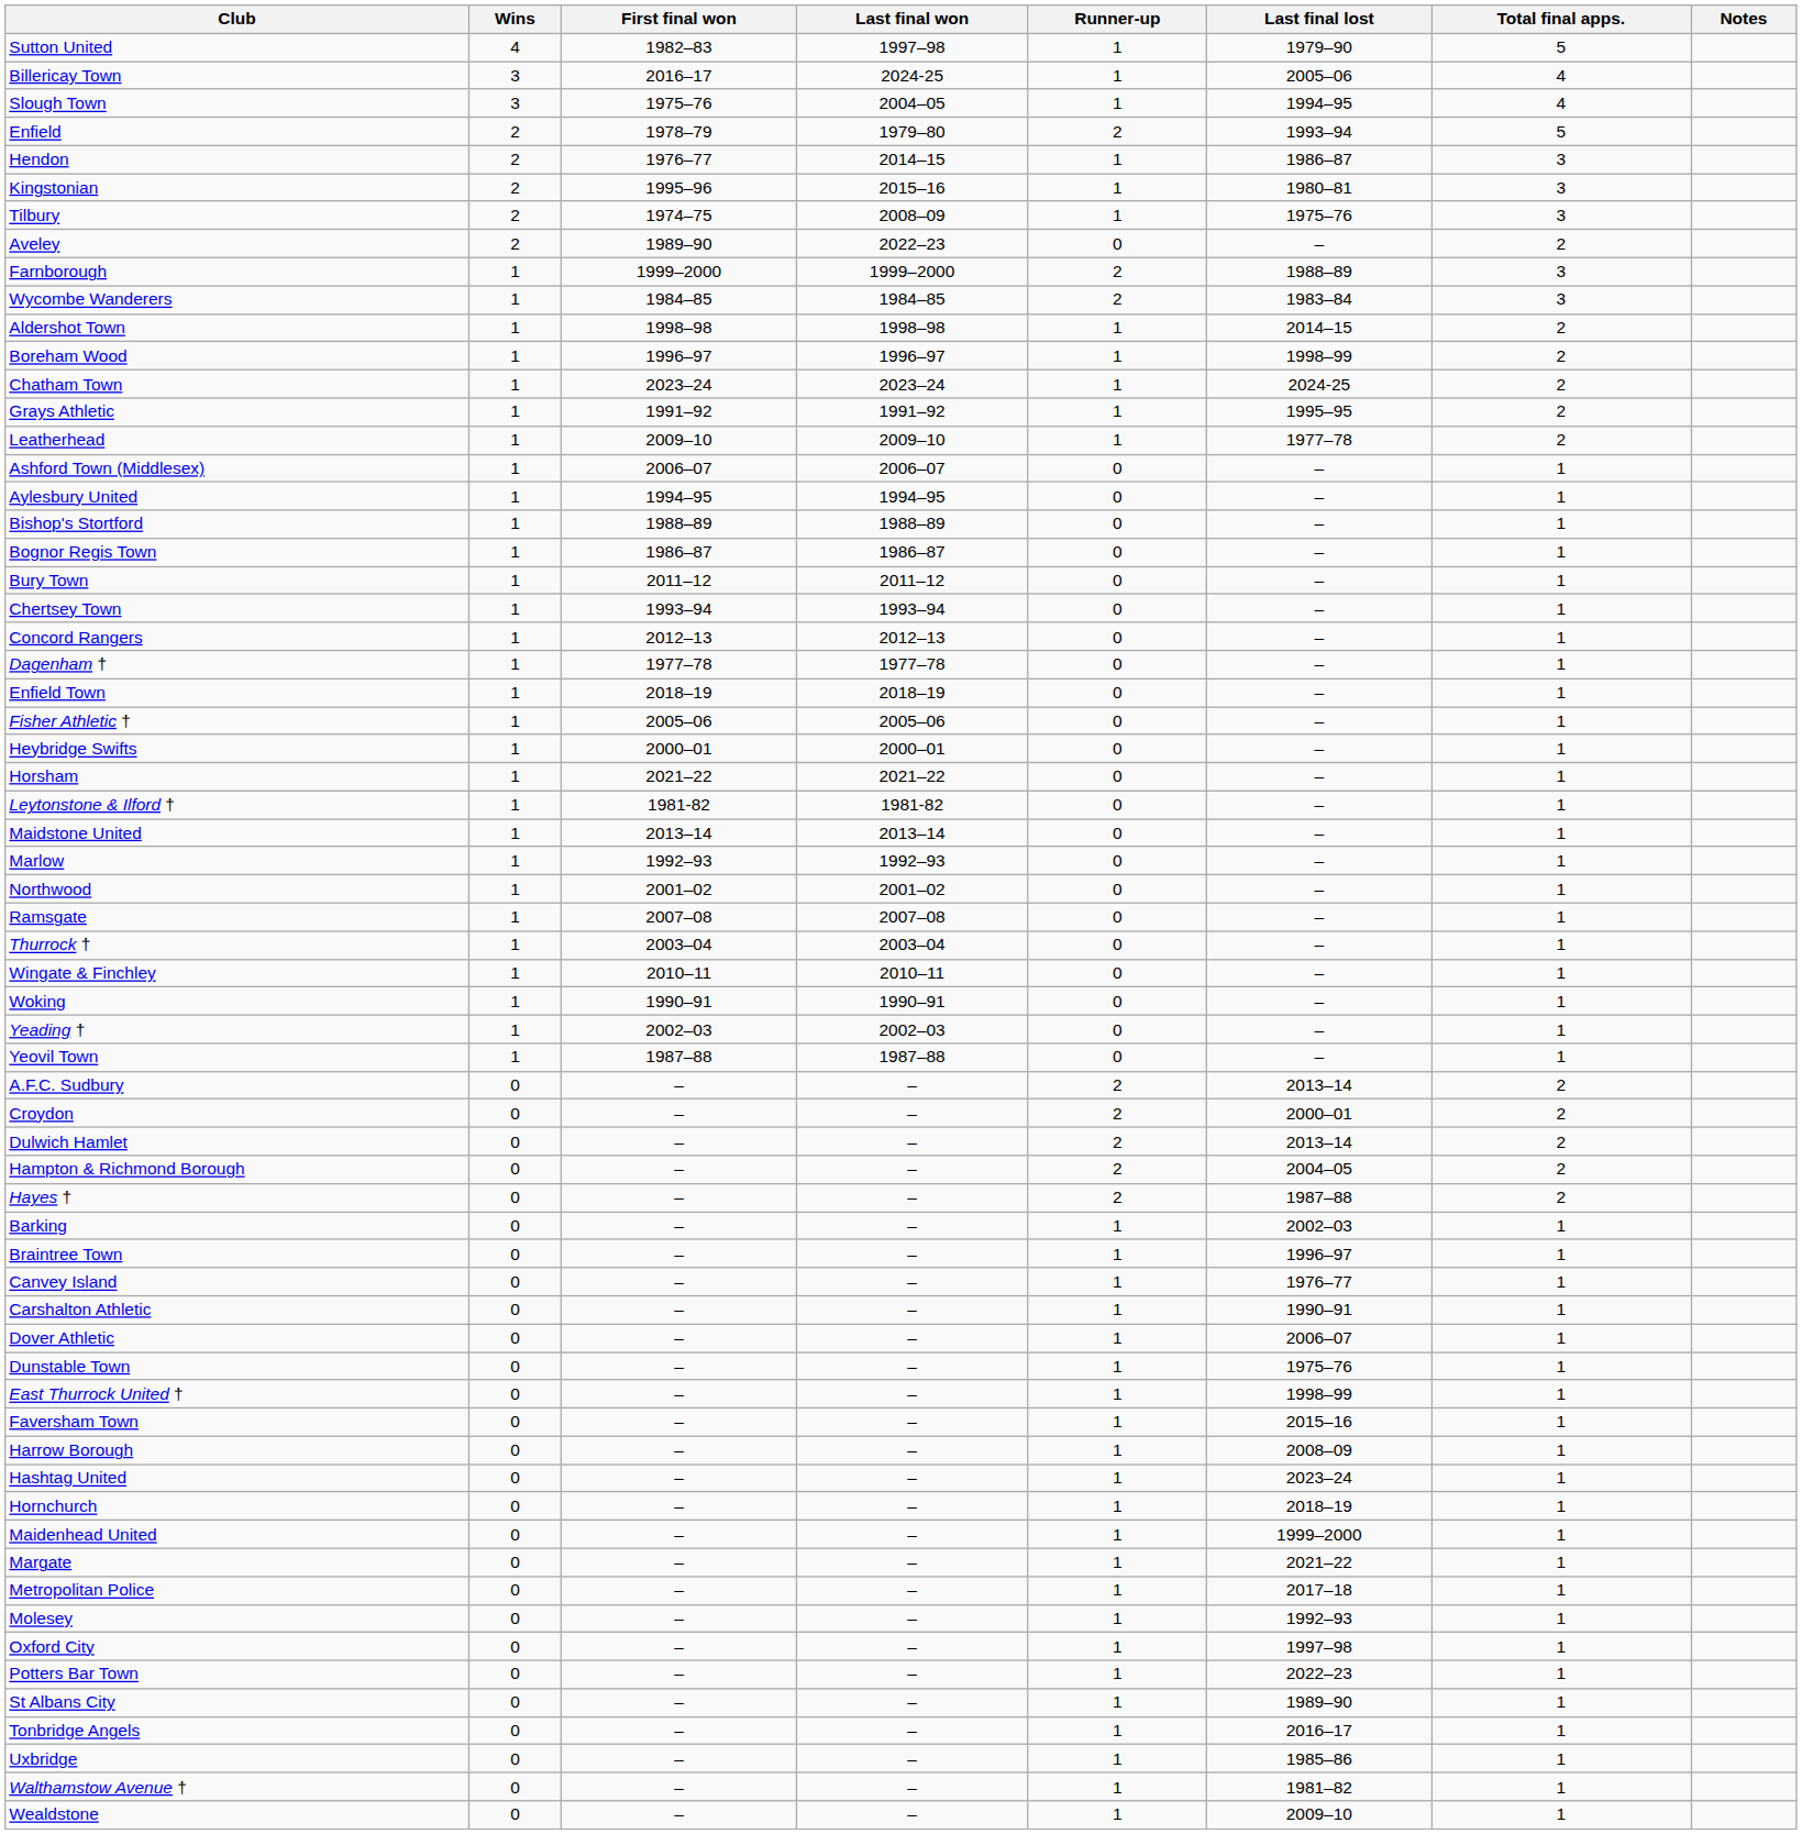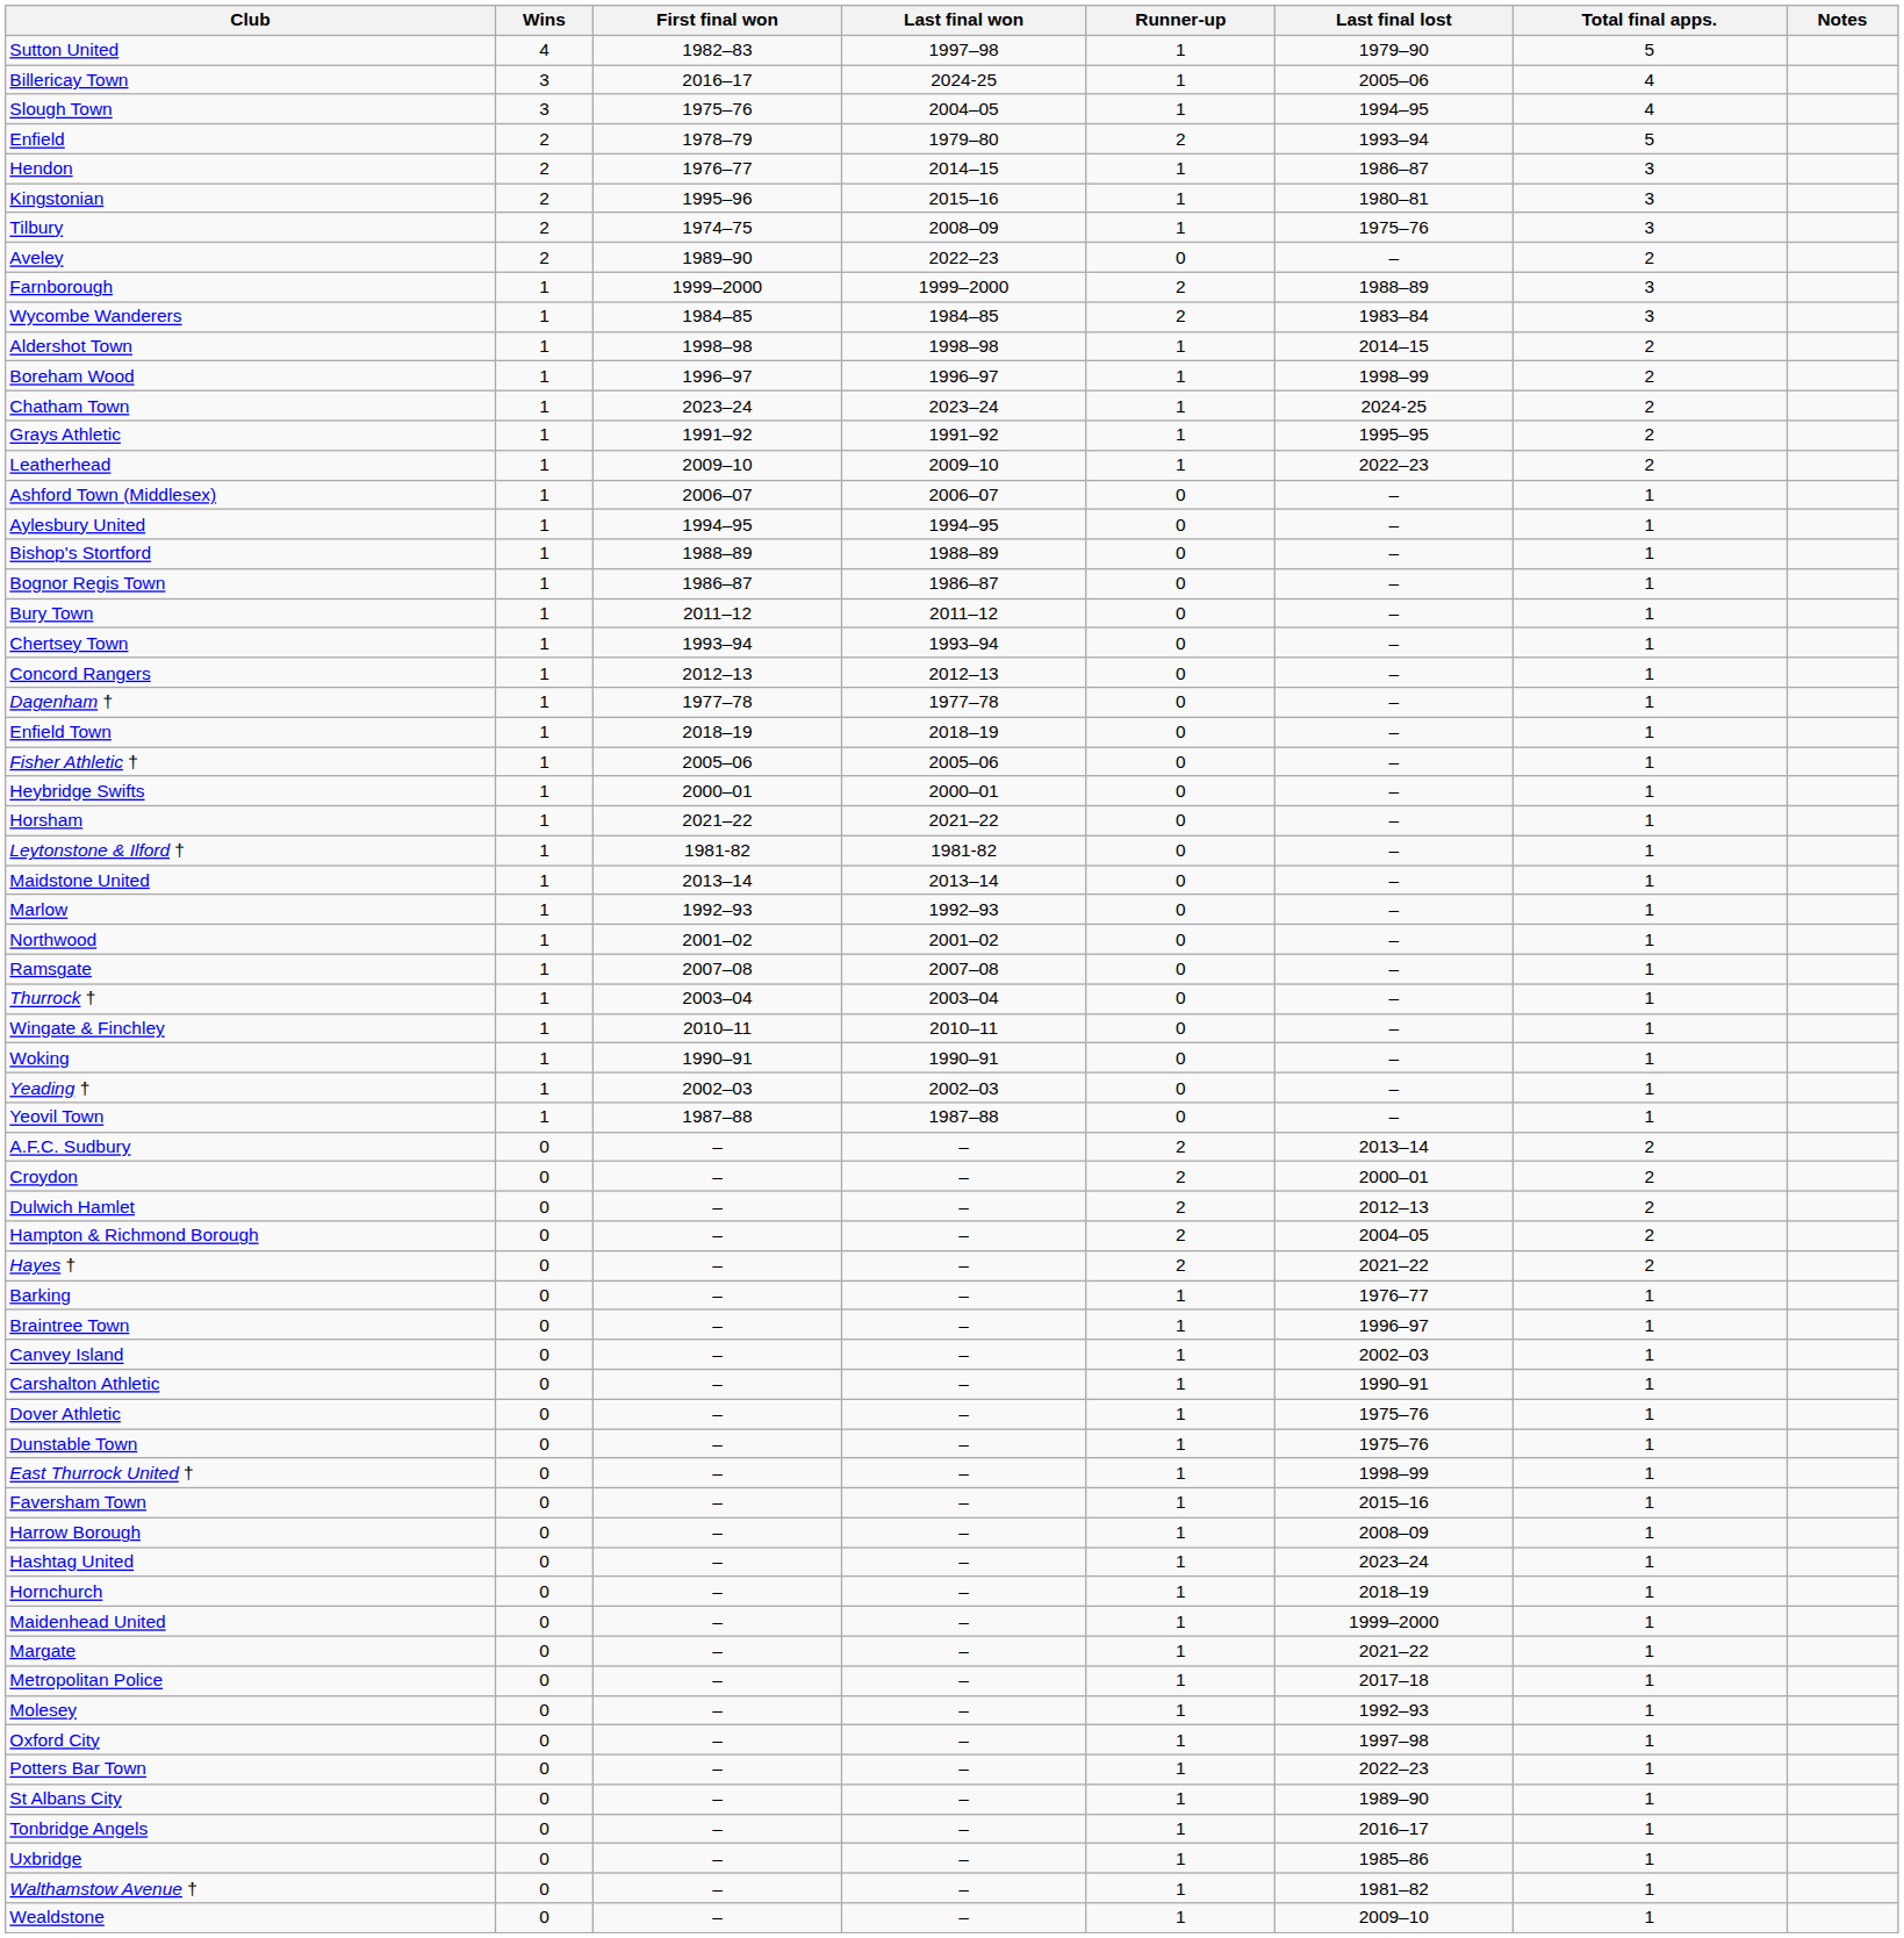 <table class="wikitable sortable" style="text-align: center; width: 100%; font-size: 12px">
 <tr>
 <th>Club</th>
 <th>Wins</th>
 <th>First final won</th>
 <th>Last final won</th>
 <th>Runner-up</th>
 <th>Last final lost</th>
 <th>Total final apps.</th>
 <th>Notes</th>
 </tr>
 <tr>
 <td style="text-align: left"><a href='#'>Sutton United</a></td>
 <td>4</td>
 <td>1982–83</td>
 <td>1997–98</td>
 <td>1</td>
 <td>1979–90</td>
 <td>5</td>
 <td></td>
 </tr>
 <tr>
 <td style="text-align: left"><a href='#'>Billericay Town</a></td>
 <td>3</td>
 <td>2016–17</td>
 <td>2024-25</td>
 <td>1</td>
 <td>2005–06</td>
 <td>4</td>
 <td></td>
 </tr>
 <tr>
 <td style="text-align: left"><a href='#'>Slough Town</a></td>
 <td>3</td>
 <td>1975–76</td>
 <td>2004–05</td>
 <td>1</td>
 <td>1994–95</td>
 <td>4</td>
 <td></td>
 </tr>
 <tr>
 <td style="text-align: left"><a href='#'>Enfield</a></td>
 <td>2</td>
 <td>1978–79</td>
 <td>1979–80</td>
 <td>2</td>
 <td>1993–94</td>
 <td>5</td>
 <td></td>
 </tr>
 <tr>
 <td style="text-align: left"><a href='#'>Hendon</a></td>
 <td>2</td>
 <td>1976–77</td>
 <td>2014–15</td>
 <td>1</td>
 <td>1986–87</td>
 <td>3</td>
 <td></td>
 </tr>
 <tr>
 <td style="text-align: left"><a href='#'>Kingstonian</a></td>
 <td>2</td>
 <td>1995–96</td>
 <td>2015–16</td>
 <td>1</td>
 <td>1980–81</td>
 <td>3</td>
 <td></td>
 </tr>
 <tr>
 <td style="text-align: left"><a href='#'>Tilbury</a></td>
 <td>2</td>
 <td>1974–75</td>
 <td>2008–09</td>
 <td>1</td>
 <td>1975–76</td>
 <td>3</td>
 <td></td>
 </tr>
 <tr>
 <td style="text-align: left"><a href='#'>Aveley</a></td>
 <td>2</td>
 <td>1989–90</td>
 <td>2022–23</td>
 <td>0</td>
 <td>–</td>
 <td>2</td>
 <td></td>
 </tr>
 <tr>
 <td style="text-align: left"><a href='#'>Farnborough</a></td>
 <td>1</td>
 <td>1999–2000</td>
 <td>1999–2000</td>
 <td>2</td>
 <td>1988–89</td>
 <td>3</td>
 <td></td>
 </tr>
 <tr>
 <td style="text-align: left"><a href='#'>Wycombe Wanderers</a></td>
 <td>1</td>
 <td>1984–85</td>
 <td>1984–85</td>
 <td>2</td>
 <td>1983–84</td>
 <td>3</td>
 <td></td>
 </tr>
 <tr>
 <td style="text-align: left"><a href='#'>Aldershot Town</a></td>
 <td>1</td>
 <td>1998–98</td>
 <td>1998–98</td>
 <td>1</td>
 <td>2014–15</td>
 <td>2</td>
 <td></td>
 </tr>
 <tr>
 <td style="text-align: left"><a href='#'>Boreham Wood</a></td>
 <td>1</td>
 <td>1996–97</td>
 <td>1996–97</td>
 <td>1</td>
 <td>1998–99</td>
 <td>2</td>
 <td></td>
 </tr>
 <tr>
 <td style="text-align: left"><a href='#'>Chatham Town</a></td>
 <td>1</td>
 <td>2023–24</td>
 <td>2023–24</td>
 <td>1</td>
 <td>2024-25</td>
 <td>2</td>
 <td></td>
 </tr>
 <tr>
 <td style="text-align: left"><a href='#'>Grays Athletic</a></td>
 <td>1</td>
 <td>1991–92</td>
 <td>1991–92</td>
 <td>1</td>
 <td>1995–95</td>
 <td>2</td>
 <td></td>
 </tr>
 <tr>
 <td style="text-align: left"><a href='#'>Leatherhead</a></td>
 <td>1</td>
 <td>2009–10</td>
 <td>2009–10</td>
 <td>1</td>
-<td>1977–78</td>
+<td>2022–23</td>
 <td>2</td>
 <td></td>
 </tr>
 <tr>
 <td style="text-align: left"><a href='#'>Ashford Town (Middlesex)</a></td>
 <td>1</td>
 <td>2006–07</td>
 <td>2006–07</td>
 <td>0</td>
 <td>–</td>
 <td>1</td>
 <td></td>
 </tr>
 <tr>
 <td style="text-align: left"><a href='#'>Aylesbury United</a></td>
 <td>1</td>
 <td>1994–95</td>
 <td>1994–95</td>
 <td>0</td>
 <td>–</td>
 <td>1</td>
 <td></td>
 </tr>
 <tr>
 <td style="text-align: left"><a href='#'>Bishop's Stortford</a></td>
 <td>1</td>
 <td>1988–89</td>
 <td>1988–89</td>
 <td>0</td>
 <td>–</td>
 <td>1</td>
 <td></td>
 </tr>
 <tr>
 <td style="text-align: left"><a href='#'>Bognor Regis Town</a></td>
 <td>1</td>
 <td>1986–87</td>
 <td>1986–87</td>
 <td>0</td>
 <td>–</td>
 <td>1</td>
 <td></td>
 </tr>
 <tr>
 <td style="text-align: left"><a href='#'>Bury Town</a></td>
 <td>1</td>
 <td>2011–12</td>
 <td>2011–12</td>
 <td>0</td>
 <td>–</td>
 <td>1</td>
 <td></td>
 </tr>
 <tr>
 <td style="text-align: left"><a href='#'>Chertsey Town</a></td>
 <td>1</td>
 <td>1993–94</td>
 <td>1993–94</td>
 <td>0</td>
 <td>–</td>
 <td>1</td>
 <td></td>
 </tr>
 <tr>
 <td style="text-align: left"><a href='#'>Concord Rangers</a></td>
 <td>1</td>
 <td>2012–13</td>
 <td>2012–13</td>
 <td>0</td>
 <td>–</td>
 <td>1</td>
 <td></td>
 </tr>
 <tr>
 <td style="text-align: left"><em><a href='#'>Dagenham</a></em> †</td>
 <td>1</td>
 <td>1977–78</td>
 <td>1977–78</td>
 <td>0</td>
 <td>–</td>
 <td>1</td>
 <td></td>
 </tr>
 <tr>
 <td style="text-align: left"><a href='#'>Enfield Town</a></td>
 <td>1</td>
 <td>2018–19</td>
 <td>2018–19</td>
 <td>0</td>
 <td>–</td>
 <td>1</td>
 <td></td>
 </tr>
 <tr>
 <td style="text-align: left"><em><a href='#'>Fisher Athletic</a></em> †</td>
 <td>1</td>
 <td>2005–06</td>
 <td>2005–06</td>
 <td>0</td>
 <td>–</td>
 <td>1</td>
 <td></td>
 </tr>
 <tr>
 <td style="text-align: left"><a href='#'>Heybridge Swifts</a></td>
 <td>1</td>
 <td>2000–01</td>
 <td>2000–01</td>
 <td>0</td>
 <td>–</td>
 <td>1</td>
 <td></td>
 </tr>
 <tr>
 <td style="text-align: left"><a href='#'>Horsham</a></td>
 <td>1</td>
 <td>2021–22</td>
 <td>2021–22</td>
 <td>0</td>
 <td>–</td>
 <td>1</td>
 <td></td>
 </tr>
 <tr>
 <td style="text-align: left"><em><a href='#'>Leytonstone & Ilford</a></em> †</td>
 <td>1</td>
 <td>1981-82</td>
 <td>1981-82</td>
 <td>0</td>
 <td>–</td>
 <td>1</td>
 <td></td>
 </tr>
 <tr>
 <td style="text-align: left"><a href='#'>Maidstone United</a></td>
 <td>1</td>
 <td>2013–14</td>
 <td>2013–14</td>
 <td>0</td>
 <td>–</td>
 <td>1</td>
 <td></td>
 </tr>
 <tr>
 <td style="text-align: left"><a href='#'>Marlow</a></td>
 <td>1</td>
 <td>1992–93</td>
 <td>1992–93</td>
 <td>0</td>
 <td>–</td>
 <td>1</td>
 <td></td>
 </tr>
 <tr>
 <td style="text-align: left"><a href='#'>Northwood</a></td>
 <td>1</td>
 <td>2001–02</td>
 <td>2001–02</td>
 <td>0</td>
 <td>–</td>
 <td>1</td>
 <td></td>
 </tr>
 <tr>
 <td style="text-align: left"><a href='#'>Ramsgate</a></td>
 <td>1</td>
 <td>2007–08</td>
 <td>2007–08</td>
 <td>0</td>
 <td>–</td>
 <td>1</td>
 <td></td>
 </tr>
 <tr>
 <td style="text-align: left"><em><a href='#'>Thurrock</a></em> †</td>
 <td>1</td>
 <td>2003–04</td>
 <td>2003–04</td>
 <td>0</td>
 <td>–</td>
 <td>1</td>
 <td></td>
 </tr>
 <tr>
 <td style="text-align: left"><a href='#'>Wingate & Finchley</a></td>
 <td>1</td>
 <td>2010–11</td>
 <td>2010–11</td>
 <td>0</td>
 <td>–</td>
 <td>1</td>
 <td></td>
 </tr>
 <tr>
 <td style="text-align: left"><a href='#'>Woking</a></td>
 <td>1</td>
 <td>1990–91</td>
 <td>1990–91</td>
 <td>0</td>
 <td>–</td>
 <td>1</td>
 <td></td>
 </tr>
 <tr>
 <td style="text-align: left"><em><a href='#'>Yeading</a></em> †</td>
 <td>1</td>
 <td>2002–03</td>
 <td>2002–03</td>
 <td>0</td>
 <td>–</td>
 <td>1</td>
 <td></td>
 </tr>
 <tr>
 <td style="text-align: left"><a href='#'>Yeovil Town</a></td>
 <td>1</td>
 <td>1987–88</td>
 <td>1987–88</td>
 <td>0</td>
 <td>–</td>
 <td>1</td>
 <td></td>
 </tr>
 <tr>
 <td style="text-align: left"><a href='#'>A.F.C. Sudbury</a></td>
 <td>0</td>
 <td>–</td>
 <td>–</td>
 <td>2</td>
 <td>2013–14</td>
 <td>2</td>
 <td></td>
 </tr>
 <tr>
 <td style="text-align: left"><a href='#'>Croydon</a></td>
 <td>0</td>
 <td>–</td>
 <td>–</td>
 <td>2</td>
 <td>2000–01</td>
 <td>2</td>
 <td></td>
 </tr>
 <tr>
 <td style="text-align: left"><a href='#'>Dulwich Hamlet</a></td>
 <td>0</td>
 <td>–</td>
 <td>–</td>
 <td>2</td>
-<td>2013–14</td>
+<td>2012–13</td>
 <td>2</td>
 <td></td>
 </tr>
 <tr>
 <td style="text-align: left"><a href='#'>Hampton & Richmond Borough</a></td>
 <td>0</td>
 <td>–</td>
 <td>–</td>
 <td>2</td>
 <td>2004–05</td>
 <td>2</td>
 <td></td>
 </tr>
 <tr>
 <td style="text-align: left"><em><a href='#'>Hayes</a></em> †</td>
 <td>0</td>
 <td>–</td>
 <td>–</td>
 <td>2</td>
-<td>1987–88</td>
+<td>2021–22</td>
 <td>2</td>
 <td></td>
 </tr>
 <tr>
 <td style="text-align: left"><a href='#'>Barking</a></td>
 <td>0</td>
 <td>–</td>
 <td>–</td>
 <td>1</td>
-<td>2002–03</td>
+<td>1976–77</td>
 <td>1</td>
 <td></td>
 </tr>
 <tr>
 <td style="text-align: left"><a href='#'>Braintree Town</a></td>
 <td>0</td>
 <td>–</td>
 <td>–</td>
 <td>1</td>
 <td>1996–97</td>
 <td>1</td>
 <td></td>
 </tr>
 <tr>
 <td style="text-align: left"><a href='#'>Canvey Island</a></td>
 <td>0</td>
 <td>–</td>
 <td>–</td>
 <td>1</td>
-<td>1976–77</td>
+<td>2002–03</td>
 <td>1</td>
 <td></td>
 </tr>
 <tr>
 <td style="text-align: left"><a href='#'>Carshalton Athletic</a></td>
 <td>0</td>
 <td>–</td>
 <td>–</td>
 <td>1</td>
 <td>1990–91</td>
 <td>1</td>
 <td></td>
 </tr>
 <tr>
 <td style="text-align: left"><a href='#'>Dover Athletic</a></td>
 <td>0</td>
 <td>–</td>
 <td>–</td>
 <td>1</td>
-<td>2006–07</td>
+<td>1975–76</td>
 <td>1</td>
 <td></td>
 </tr>
 <tr>
 <td style="text-align: left"><a href='#'>Dunstable Town</a></td>
 <td>0</td>
 <td>–</td>
 <td>–</td>
 <td>1</td>
 <td>1975–76</td>
 <td>1</td>
 <td></td>
 </tr>
 <tr>
 <td style="text-align: left"><em><a href='#'>East Thurrock United</a></em> †</td>
 <td>0</td>
 <td>–</td>
 <td>–</td>
 <td>1</td>
 <td>1998–99</td>
 <td>1</td>
 <td></td>
 </tr>
 <tr>
 <td style="text-align: left"><a href='#'>Faversham Town</a></td>
 <td>0</td>
 <td>–</td>
 <td>–</td>
 <td>1</td>
 <td>2015–16</td>
 <td>1</td>
 <td></td>
 </tr>
 <tr>
 <td style="text-align: left"><a href='#'>Harrow Borough</a></td>
 <td>0</td>
 <td>–</td>
 <td>–</td>
 <td>1</td>
 <td>2008–09</td>
 <td>1</td>
 <td></td>
 </tr>
 <tr>
 <td style="text-align: left"><a href='#'>Hashtag United</a></td>
 <td>0</td>
 <td>–</td>
 <td>–</td>
 <td>1</td>
 <td>2023–24</td>
 <td>1</td>
 <td></td>
 </tr>
 <tr>
 <td style="text-align: left"><a href='#'>Hornchurch</a></td>
 <td>0</td>
 <td>–</td>
 <td>–</td>
 <td>1</td>
 <td>2018–19</td>
 <td>1</td>
 <td></td>
 </tr>
 <tr>
 <td style="text-align: left"><a href='#'>Maidenhead United</a></td>
 <td>0</td>
 <td>–</td>
 <td>–</td>
 <td>1</td>
 <td>1999–2000</td>
 <td>1</td>
 <td></td>
 </tr>
 <tr>
 <td style="text-align: left"><a href='#'>Margate</a></td>
 <td>0</td>
 <td>–</td>
 <td>–</td>
 <td>1</td>
 <td>2021–22</td>
 <td>1</td>
 <td></td>
 </tr>
 <tr>
 <td style="text-align: left"><a href='#'>Metropolitan Police</a></td>
 <td>0</td>
 <td>–</td>
 <td>–</td>
 <td>1</td>
 <td>2017–18</td>
 <td>1</td>
 <td></td>
 </tr>
 <tr>
 <td style="text-align: left"><a href='#'>Molesey</a></td>
 <td>0</td>
 <td>–</td>
 <td>–</td>
 <td>1</td>
 <td>1992–93</td>
 <td>1</td>
 <td></td>
 </tr>
 <tr>
 <td style="text-align: left"><a href='#'>Oxford City</a></td>
 <td>0</td>
 <td>–</td>
 <td>–</td>
 <td>1</td>
 <td>1997–98</td>
 <td>1</td>
 <td></td>
 </tr>
 <tr>
 <td style="text-align: left"><a href='#'>Potters Bar Town</a></td>
 <td>0</td>
 <td>–</td>
 <td>–</td>
 <td>1</td>
 <td>2022–23</td>
 <td>1</td>
 <td></td>
 </tr>
 <tr>
 <td style="text-align: left"><a href='#'>St Albans City</a></td>
 <td>0</td>
 <td>–</td>
 <td>–</td>
 <td>1</td>
 <td>1989–90</td>
 <td>1</td>
 <td></td>
 </tr>
 <tr>
 <td style="text-align: left"><a href='#'>Tonbridge Angels</a></td>
 <td>0</td>
 <td>–</td>
 <td>–</td>
 <td>1</td>
 <td>2016–17</td>
 <td>1</td>
 <td></td>
 </tr>
 <tr>
 <td style="text-align: left"><a href='#'>Uxbridge</a></td>
 <td>0</td>
 <td>–</td>
 <td>–</td>
 <td>1</td>
 <td>1985–86</td>
 <td>1</td>
 <td></td>
 </tr>
 <tr>
 <td style="text-align: left"><em><a href='#'>Walthamstow Avenue</a></em> †</td>
 <td>0</td>
 <td>–</td>
 <td>–</td>
 <td>1</td>
 <td>1981–82</td>
 <td>1</td>
 <td></td>
 </tr>
 <tr>
 <td style="text-align: left"><a href='#'>Wealdstone</a></td>
 <td>0</td>
 <td>–</td>
 <td>–</td>
 <td>1</td>
 <td>2009–10</td>
 <td>1</td>
 <td></td>
 </tr>
 </table>
